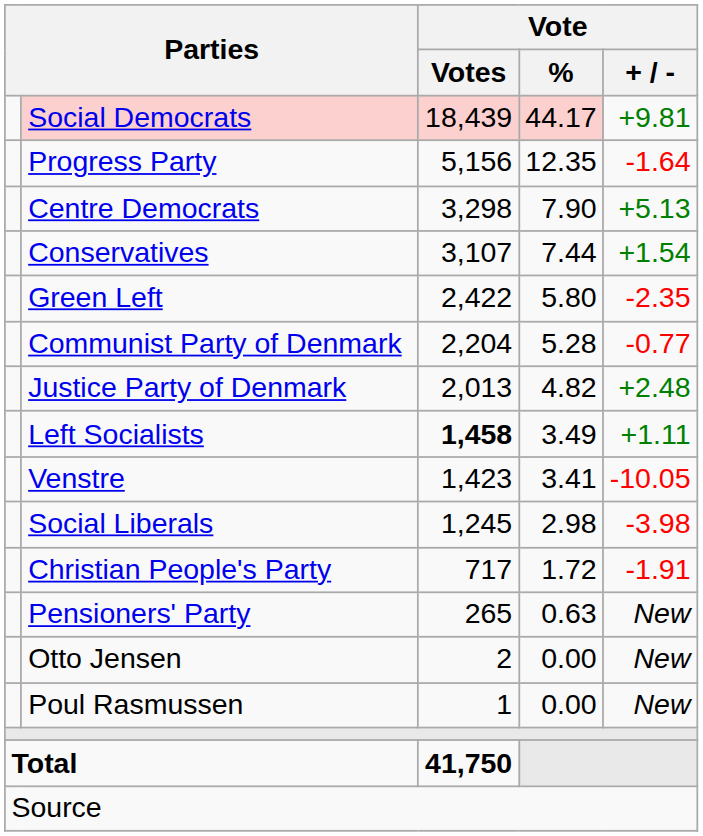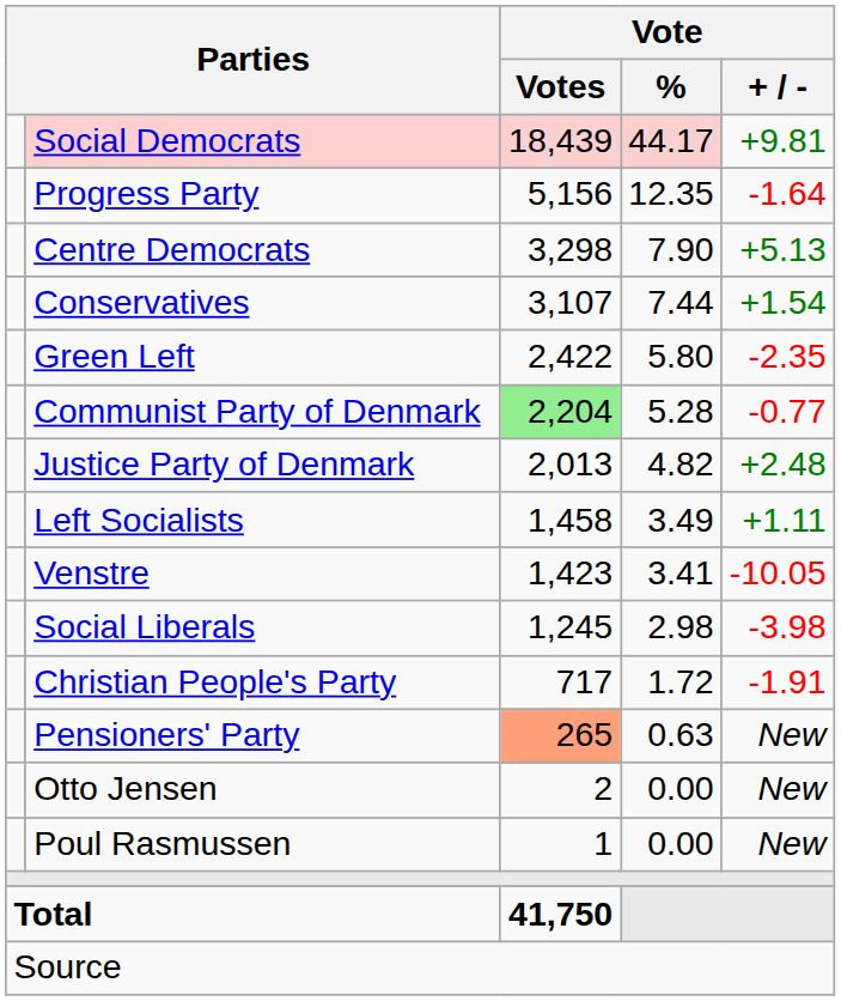 <table class="wikitable" style="text-align:right;">
 <tr>
 <th style="text-align:centre;" rowspan="2" colspan="2" width="225">Parties</th>
 <th colspan="3">Vote</th>
 </tr>
 <tr>
 <th width="15">Votes</th>
 <th width="15">%</th>
 <th width="15">+ / -</th>
 </tr>
 <tr>
 <td width="2" style="color:inherit;background:"></td>
 <td bgcolor=#fbd0ce  align="left"><a href='#'>Social Democrats</a></td>
 <td bgcolor=#fbd0ce>18,439</td>
 <td bgcolor=#fbd0ce>44.17</td>
 <td style=color:green;>+9.81</td>
 </tr>
 <tr>
 <td width="2" style="color:inherit;background:"></td>
 <td align="left"><a href='#'>Progress Party</a></td>
 <td>5,156</td>
 <td>12.35</td>
 <td style=color:red;>-1.64</td>
 </tr>
 <tr>
 <td width="2" style="color:inherit;background:"></td>
 <td align="left"><a href='#'>Centre Democrats</a></td>
 <td>3,298</td>
 <td>7.90</td>
 <td style=color:green;>+5.13</td>
 </tr>
 <tr>
 <td width="2" style="color:inherit;background:"></td>
 <td align="left"><a href='#'>Conservatives</a></td>
 <td>3,107</td>
 <td>7.44</td>
 <td style=color:green;>+1.54</td>
 </tr>
 <tr>
 <td width="2" style="color:inherit;background:"></td>
 <td align="left"><a href='#'>Green Left</a></td>
 <td>2,422</td>
 <td>5.80</td>
 <td style=color:red;>-2.35</td>
 </tr>
 <tr>
 <td width="2" style="color:inherit;background:"></td>
 <td align="left"><a href='#'>Communist Party of Denmark</a></td>
-<td>2,204</td>
+<td style="background: lightgreen;">2,204</td>
 <td>5.28</td>
 <td style=color:red;>-0.77</td>
 </tr>
 <tr>
 <td width="2" style="color:inherit;background:"></td>
 <td align="left"><a href='#'>Justice Party of Denmark</a></td>
 <td>2,013</td>
 <td>4.82</td>
 <td style=color:green;>+2.48</td>
 </tr>
 <tr>
 <td width="2" style="color:inherit;background:"></td>
 <td align="left"><a href='#'>Left Socialists</a></td>
-<td><strong>1,458</strong></td>
+<td>1,458</td>
 <td>3.49</td>
 <td style=color:green;>+1.11</td>
 </tr>
 <tr>
 <td width="2" style="color:inherit;background:"></td>
 <td align="left"><a href='#'>Venstre</a></td>
 <td>1,423</td>
 <td>3.41</td>
 <td style=color:red;>-10.05</td>
 </tr>
 <tr>
 <td width="2" style="color:inherit;background:"></td>
 <td align="left"><a href='#'>Social Liberals</a></td>
 <td>1,245</td>
 <td>2.98</td>
 <td style=color:red;>-3.98</td>
 </tr>
 <tr>
 <td width="2" style="color:inherit;background:"></td>
 <td align="left"><a href='#'>Christian People's Party</a></td>
 <td>717</td>
 <td>1.72</td>
 <td style=color:red;>-1.91</td>
 </tr>
 <tr>
 <td width="2" style="color:inherit;background:"></td>
 <td align="left"><a href='#'>Pensioners' Party</a></td>
-<td>265</td>
+<td style="background: lightsalmon;">265</td>
 <td>0.63</td>
 <td><em>New</em></td>
 </tr>
 <tr>
 <td width="2" style="color:inherit;background:"></td>
 <td align="left">Otto Jensen</td>
 <td>2</td>
 <td>0.00</td>
 <td><em>New</em></td>
 </tr>
 <tr>
 <td width="2" style="color:inherit;background:"></td>
 <td align="left">Poul Rasmussen</td>
 <td>1</td>
 <td>0.00</td>
 <td><em>New</em></td>
 </tr>
 <tr>
 <td colspan="7" bgcolor="#E9E9E9"></td>
 </tr>
 <tr>
 <td align="left" colspan="2"><strong>Total</strong></td>
 <td><strong>41,750</strong></td>
 <td bgcolor="#E9E9E9" colspan="2"></td>
 </tr>
 <tr>
 <td align="left" colspan="6">Source</td>
 </tr>
 </table>
